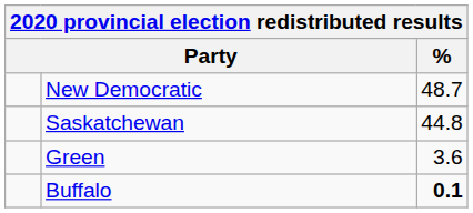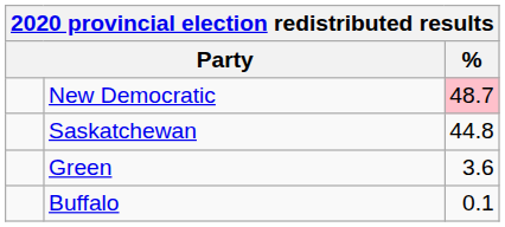 <table class="wikitable">
 <tr>
 <th colspan="4"><a href='#'>2020 provincial election</a> redistributed results</th>
 </tr>
 <tr>
 <th bgcolor="#DDDDFF" width="130px" colspan="2">Party</th>
 <th bgcolor="#DDDDFF" width="30px">%</th>
 </tr>
 <tr>
 <td> </td>
 <td><a href='#'>New Democratic</a></td>
-<td align=right>48.7</td>
+<td align=right style="background: pink;">48.7</td>
 </tr>
 <tr>
 <td> </td>
 <td><a href='#'>Saskatchewan</a></td>
 <td align=right>44.8</td>
 </tr>
 <tr>
 <td> </td>
 <td><a href='#'>Green</a></td>
 <td align=right>3.6</td>
 </tr>
 <tr>
 <td> </td>
 <td><a href='#'>Buffalo</a></td>
-<td align=right><strong>0.1</strong></td>
+<td align=right>0.1</td>
 </tr>
 </table>
